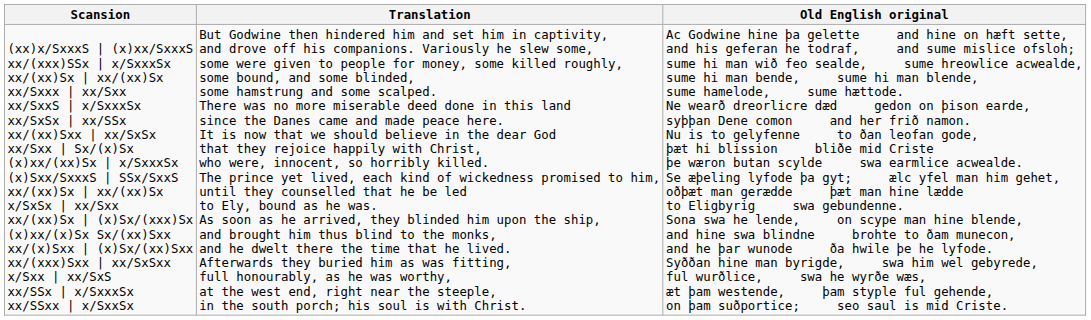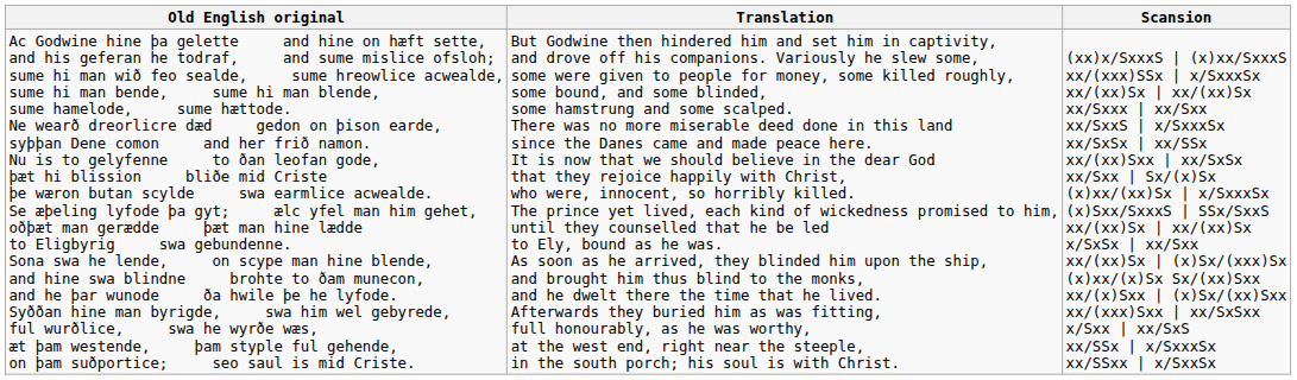 <table class="wikitable">
 <tr>
+<th>Old English original</th>
+<th>Translation</th>
 <th>Scansion</th>
-<th>Translation</th>
-<th>Old English original</th>
 </tr>
 <tr>
+<td>Ac Godwine hine þa gelette     and hine on hæft sette,<br>and his geferan he todraf,     and sume mislice ofsloh;<br>sume hi man wið feo sealde,     sume hreowlice acwealde,<br>sume hi man bende,     sume hi man blende,<br>sume hamelode,     sume hættode.<br>Ne wearð dreorlicre dæd     gedon on þison earde,<br>syþþan Dene comon     and her frið namon.<br>Nu is to gelyfenne     to ðan leofan gode,<br>þæt hi blission     bliðe mid Criste<br>þe wæron butan scylde     swa earmlice acwealde.<br>Se æþeling lyfode þa gyt;     ælc yfel man him gehet,<br>oðþæt man gerædde     þæt man hine lædde<br>to Eligbyrig     swa gebundenne.<br>Sona swa he lende,     on scype man hine blende,<br>and hine swa blindne     brohte to ðam munecon,<br>and he þar wunode     ða hwile þe he lyfode.<br>Syððan hine man byrigde,     swa him wel gebyrede,<br>ful wurðlice,     swa he wyrðe wæs,<br>æt þam westende,     þam styple ful gehende,<br>on þam suðportice;     seo saul is mid Criste.</td>
+<td>But Godwine then hindered him and set him in captivity,<br>and drove off his companions. Variously he slew some,<br>some were given to people for money, some killed roughly,<br>some bound, and some blinded,<br>some hamstrung and some scalped.<br>There was no more miserable deed done in this land<br>since the Danes came and made peace here.<br>It is now that we should believe in the dear God<br>that they rejoice happily with Christ,<br>who were, innocent, so horribly killed.<br>The prince yet lived, each kind of wickedness promised to him,<br>until they counselled that he be led<br>to Ely, bound as he was.<br>As soon as he arrived, they blinded him upon the ship,<br>and brought him thus blind to the monks,<br>and he dwelt there the time that he lived.<br>Afterwards they buried him as was fitting,<br>full honourably, as he was worthy,<br>at the west end, right near the steeple,<br>in the south porch; his soul is with Christ.</td>
 <td><br>(xx)x/SxxxS | (x)xx/SxxxS<br>xx/(xxx)SSx | x/SxxxSx<br>xx/(xx)Sx | xx/(xx)Sx<br>xx/Sxxx | xx/Sxx<br>xx/SxxS | x/SxxxSx<br>xx/SxSx | xx/SSx<br>xx/(xx)Sxx | xx/SxSx<br>xx/Sxx | Sx/(x)Sx<br>(x)xx/(xx)Sx | x/SxxxSx<br>(x)Sxx/SxxxS | SSx/SxxS<br>xx/(xx)Sx | xx/(xx)Sx<br>x/SxSx | xx/Sxx<br>xx/(xx)Sx | (x)Sx/(xxx)Sx<br>(x)xx/(x)Sx Sx/(xx)Sxx<br>xx/(x)Sxx | (x)Sx/(xx)Sxx<br>xx/(xxx)Sxx | xx/SxSxx<br>x/Sxx | xx/SxS<br>xx/SSx | x/SxxxSx<br>xx/SSxx | x/SxxSx</td>
-<td>But Godwine then hindered him and set him in captivity,<br>and drove off his companions. Variously he slew some,<br>some were given to people for money, some killed roughly,<br>some bound, and some blinded,<br>some hamstrung and some scalped.<br>There was no more miserable deed done in this land<br>since the Danes came and made peace here.<br>It is now that we should believe in the dear God<br>that they rejoice happily with Christ,<br>who were, innocent, so horribly killed.<br>The prince yet lived, each kind of wickedness promised to him,<br>until they counselled that he be led<br>to Ely, bound as he was.<br>As soon as he arrived, they blinded him upon the ship,<br>and brought him thus blind to the monks,<br>and he dwelt there the time that he lived.<br>Afterwards they buried him as was fitting,<br>full honourably, as he was worthy,<br>at the west end, right near the steeple,<br>in the south porch; his soul is with Christ.</td>
-<td>Ac Godwine hine þa gelette     and hine on hæft sette,<br>and his geferan he todraf,     and sume mislice ofsloh;<br>sume hi man wið feo sealde,     sume hreowlice acwealde,<br>sume hi man bende,     sume hi man blende,<br>sume hamelode,     sume hættode.<br>Ne wearð dreorlicre dæd     gedon on þison earde,<br>syþþan Dene comon     and her frið namon.<br>Nu is to gelyfenne     to ðan leofan gode,<br>þæt hi blission     bliðe mid Criste<br>þe wæron butan scylde     swa earmlice acwealde.<br>Se æþeling lyfode þa gyt;     ælc yfel man him gehet,<br>oðþæt man gerædde     þæt man hine lædde<br>to Eligbyrig     swa gebundenne.<br>Sona swa he lende,     on scype man hine blende,<br>and hine swa blindne     brohte to ðam munecon,<br>and he þar wunode     ða hwile þe he lyfode.<br>Syððan hine man byrigde,     swa him wel gebyrede,<br>ful wurðlice,     swa he wyrðe wæs,<br>æt þam westende,     þam styple ful gehende,<br>on þam suðportice;     seo saul is mid Criste.</td>
 </tr>
 </table>
